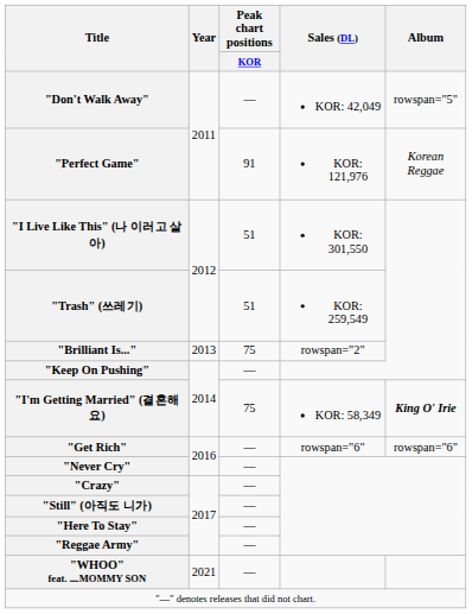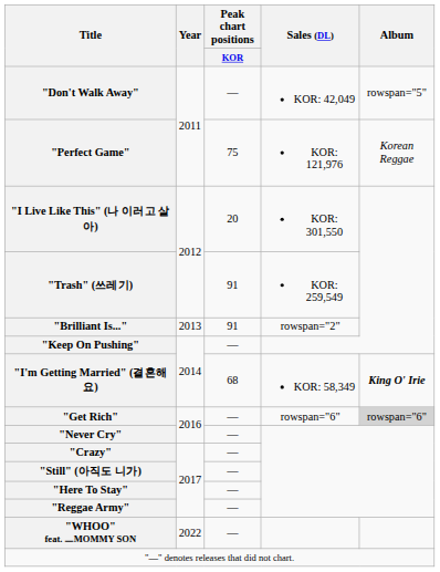 <table class="wikitable plainrowheaders" style="text-align:center;">
 <tr>
 <th scope="col" rowspan="2">Title</th>
 <th scope="col" rowspan="2">Year</th>
 <th scope="col" colspan="1">Peak chart <br> positions</th>
 <th scope="col" rowspan="2">Sales <small>(<a href='#'>DL</a>)</small></th>
 <th scope="col" rowspan="2">Album</th>
 </tr>
 <tr>
 <th><small><a href='#'>KOR</a></small><br></th>
 </tr>
 <tr>
 <th scope="row">"Don't Walk Away"<br></th>
 <td rowspan="2">2011</td>
 <td>—</td>
 <td><br><ul><li>KOR: 42,049</li></ul></td>
 <td>rowspan="5" </td>
 </tr>
 <tr>
 <th scope="row">"Perfect Game"<br></th>
-<td>91</td>
+<td>75</td>
 <td><br><ul><li>KOR: 121,976</li></ul></td>
 <td><em>Korean Reggae</em></td>
 </tr>
 <tr>
 <th scope="row">"I Live Like This" (나 이러고 살아)<br></th>
 <td rowspan="2">2012</td>
-<td>51</td>
+<td>20</td>
 <td><br><ul><li>KOR: 301,550</li></ul></td>
 </tr>
 <tr>
 <th scope="row">"Trash" (쓰레기)<br></th>
-<td>51</td>
+<td>91</td>
 <td><br><ul><li>KOR: 259,549</li></ul></td>
 </tr>
 <tr>
 <th scope="row">"Brilliant Is..."<br></th>
 <td>2013</td>
-<td>75</td>
+<td>91</td>
 <td>rowspan="2" </td>
 </tr>
 <tr>
 <th scope="row">"Keep On Pushing"</th>
 <td rowspan="2">2014</td>
 <td>—</td>
 </tr>
 <tr>
 <th scope="row">"I'm Getting Married" (결혼해요)<br></th>
-<td>75</td>
+<td>68</td>
 <td><br><ul><li>KOR: 58,349</li></ul></td>
 <td><strong><em>King O' Irie</em></strong></td>
 </tr>
 <tr>
 <th scope="row">"Get Rich"<br></th>
 <td rowspan="2">2016</td>
 <td>—</td>
 <td>rowspan="6" </td>
-<td>rowspan="6" </td>
+<td style="background: lightgrey;">rowspan="6" </td>
 </tr>
 <tr>
 <th scope="row">"Never Cry"<br></th>
 <td>—</td>
 </tr>
 <tr>
 <th scope="row">"Crazy"<br></th>
 <td rowspan="4">2017</td>
 <td>—</td>
 </tr>
 <tr>
 <th scope="row">"Still" (아직도 니가)<br></th>
 <td>—</td>
 </tr>
 <tr>
 <th scope="row">"Here To Stay"<br></th>
 <td>—</td>
 </tr>
 <tr>
 <th scope="row">"Reggae Army"<br></th>
 <td>—</td>
 </tr>
 <tr>
 <th>"WHOO"<br><small>feat. ㅡMOMMY SON</small></th>
-<td>2021</td>
+<td>2022</td>
 <td>—</td>
 <td></td>
 <td></td>
 </tr>
 <tr>
 <td colspan="5" align="center"><small>"—" denotes releases that did not chart.</small></td>
 </tr>
 </table>
